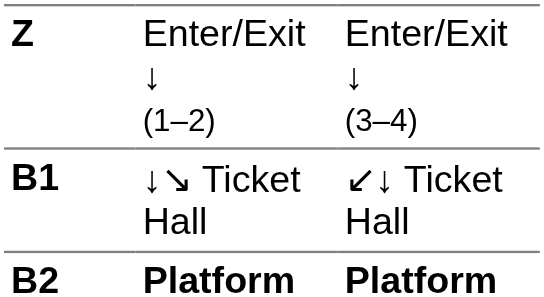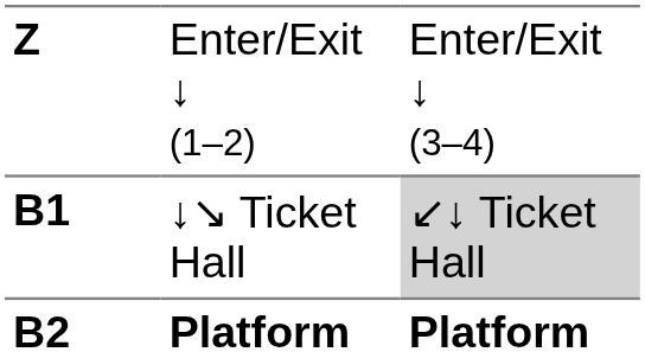 <table border="0" cellspacing="0" cellpadding="3">
 <tr>
 <td style="border-top:solid 1px gray;" width="50" valign="top"><strong>Z</strong></td>
 <td style="border-top:solid 1px gray;" width="80" valign="top">Enter/Exit ↓<br><small>(1–2)</small></td>
 <td style="border-top:solid 1px gray;" width="80" valign="top">Enter/Exit ↓<br><small>(3–4)</small></td>
 <td></td>
 </tr>
 <tr>
 <td style="border-top:solid 1px gray;" width="50" valign="top"><strong>B1</strong></td>
 <td style="border-top:solid 1px gray;" width="80" valign="top">↓↘ Ticket Hall</td>
-<td style="border-top:solid 1px gray;" width="80" valign="top">↙↓ Ticket Hall</td>
+<td style="background: lightgrey; border-top:solid 1px gray;" width="80" valign="top">↙↓ Ticket Hall</td>
 </tr>
 <tr>
 <td style="border-top:solid 1px gray;" width="50" valign="top"><strong>B2</strong></td>
 <td style="border-top:solid 1px gray;" width="80" valign="top"><strong>Platform</strong></td>
 <td style="border-top:solid 1px gray;" width="80" valign="top"><strong>Platform</strong></td>
 <td></td>
 </tr>
 </table>
